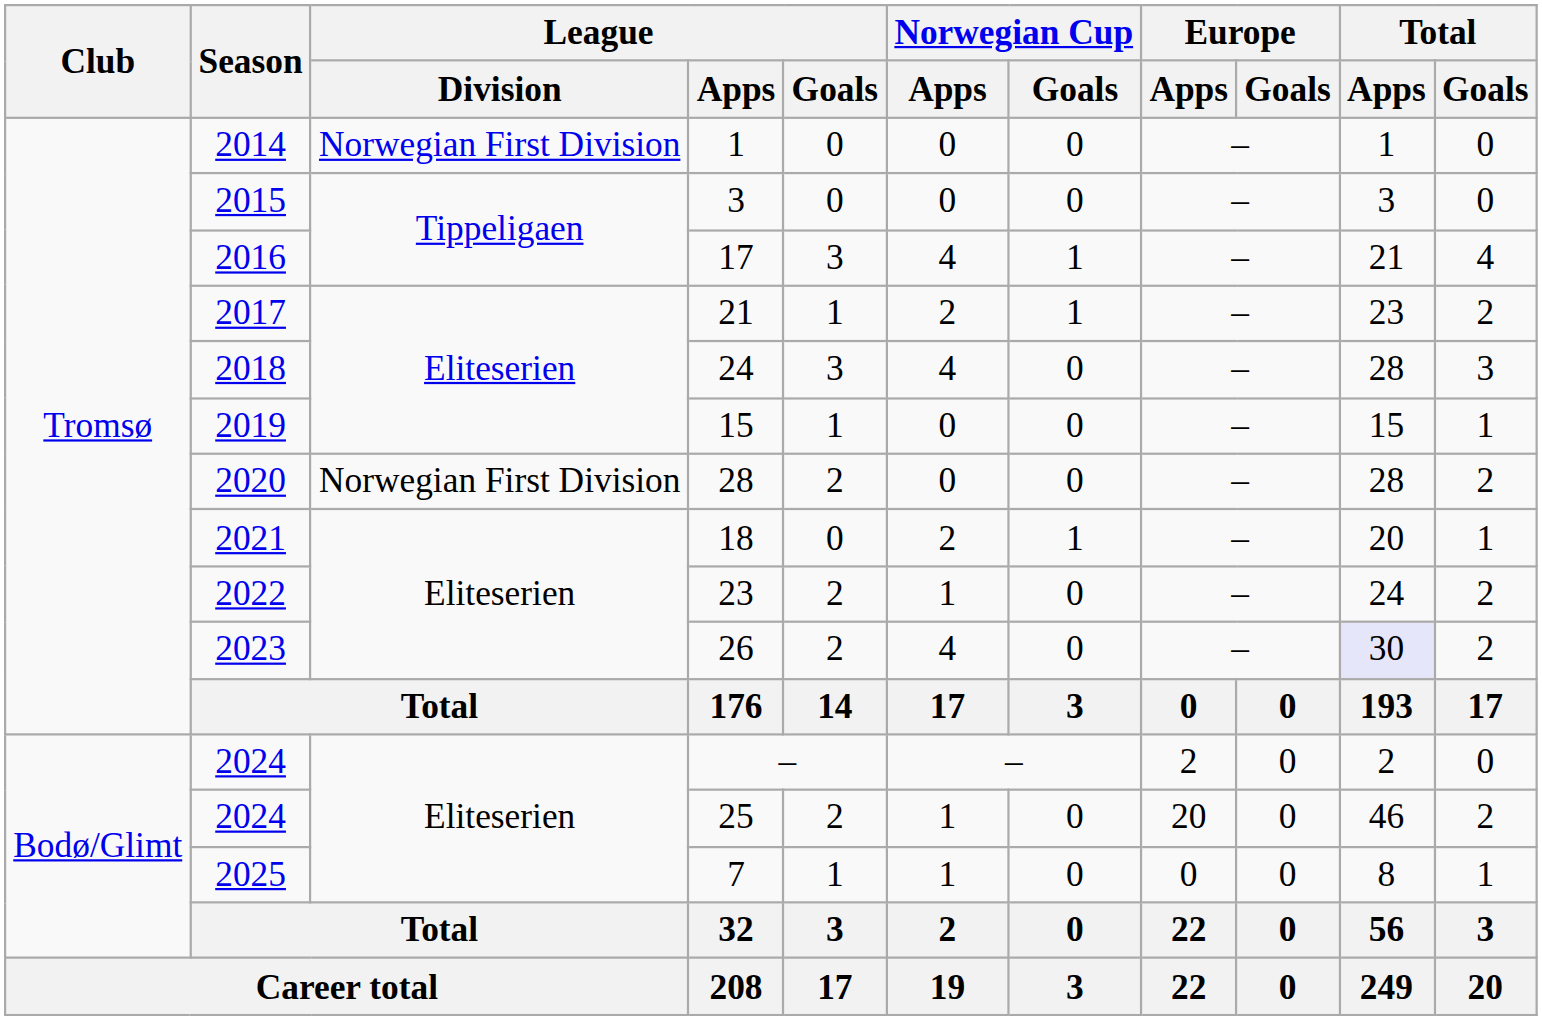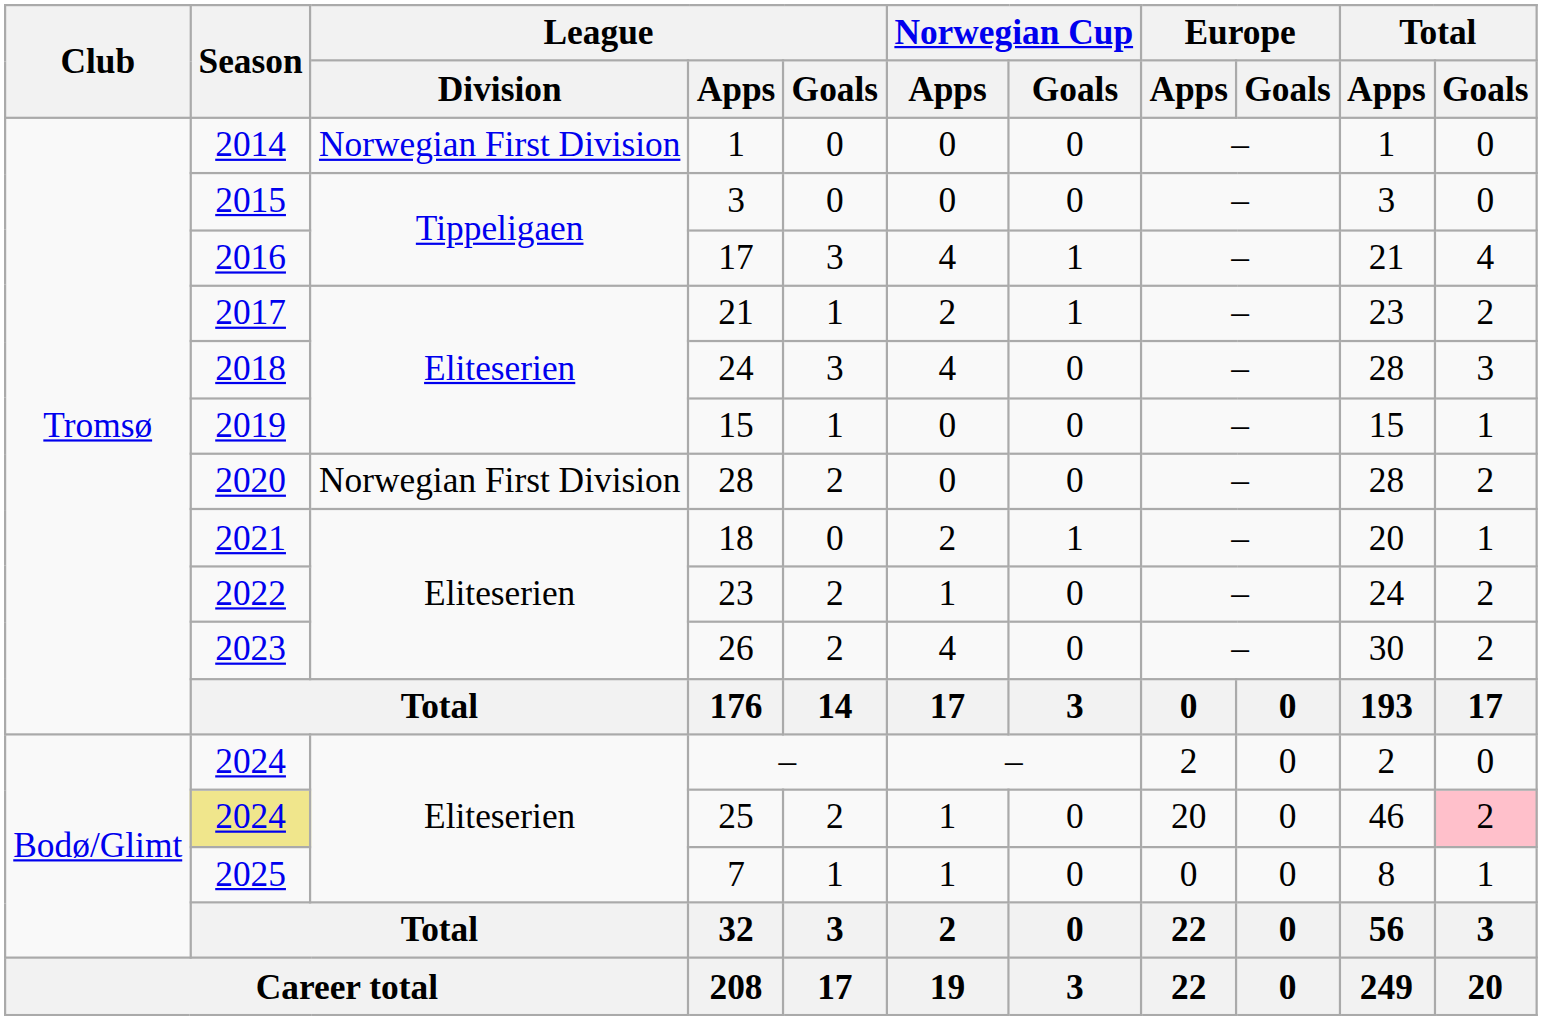 <table class="wikitable" style="text-align:center">
 <tr>
 <th rowspan="2">Club</th>
 <th rowspan="2">Season</th>
 <th colspan="3">League</th>
 <th colspan="2"><a href='#'>Norwegian Cup</a></th>
 <th colspan="2">Europe</th>
 <th colspan="2">Total</th>
 </tr>
 <tr>
 <th>Division</th>
 <th>Apps</th>
 <th>Goals</th>
 <th>Apps</th>
 <th>Goals</th>
 <th>Apps</th>
 <th>Goals</th>
 <th>Apps</th>
 <th>Goals</th>
 </tr>
 <tr>
 <td rowspan="11"><a href='#'>Tromsø</a></td>
 <td><a href='#'>2014</a></td>
 <td><a href='#'>Norwegian First Division</a></td>
 <td>1</td>
 <td>0</td>
 <td>0</td>
 <td>0</td>
 <td colspan="2">–</td>
 <td>1</td>
 <td>0</td>
 </tr>
 <tr>
 <td><a href='#'>2015</a></td>
 <td rowspan="2"><a href='#'>Tippeligaen</a></td>
 <td>3</td>
 <td>0</td>
 <td>0</td>
 <td>0</td>
 <td colspan="2">–</td>
 <td>3</td>
 <td>0</td>
 </tr>
 <tr>
 <td><a href='#'>2016</a></td>
 <td>17</td>
 <td>3</td>
 <td>4</td>
 <td>1</td>
 <td colspan="2">–</td>
 <td>21</td>
 <td>4</td>
 </tr>
 <tr>
 <td><a href='#'>2017</a></td>
 <td rowspan="3"><a href='#'>Eliteserien</a></td>
 <td>21</td>
 <td>1</td>
 <td>2</td>
 <td>1</td>
 <td colspan="2">–</td>
 <td>23</td>
 <td>2</td>
 </tr>
 <tr>
 <td><a href='#'>2018</a></td>
 <td>24</td>
 <td>3</td>
 <td>4</td>
 <td>0</td>
 <td colspan="2">–</td>
 <td>28</td>
 <td>3</td>
 </tr>
 <tr>
 <td><a href='#'>2019</a></td>
 <td>15</td>
 <td>1</td>
 <td>0</td>
 <td>0</td>
 <td colspan="2">–</td>
 <td>15</td>
 <td>1</td>
 </tr>
 <tr>
 <td><a href='#'>2020</a></td>
 <td>Norwegian First Division</td>
 <td>28</td>
 <td>2</td>
 <td>0</td>
 <td>0</td>
 <td colspan="2">–</td>
 <td>28</td>
 <td>2</td>
 </tr>
 <tr>
 <td><a href='#'>2021</a></td>
 <td rowspan="3">Eliteserien</td>
 <td>18</td>
 <td>0</td>
 <td>2</td>
 <td>1</td>
 <td colspan="2">–</td>
 <td>20</td>
 <td>1</td>
 </tr>
 <tr>
 <td><a href='#'>2022</a></td>
 <td>23</td>
 <td>2</td>
 <td>1</td>
 <td>0</td>
 <td colspan="2">–</td>
 <td>24</td>
 <td>2</td>
 </tr>
 <tr>
 <td><a href='#'>2023</a></td>
 <td>26</td>
 <td>2</td>
 <td>4</td>
 <td>0</td>
 <td colspan="2">–</td>
-<td style="background: lavender;">30</td>
+<td>30</td>
 <td>2</td>
 </tr>
 <tr>
 <th colspan="2">Total</th>
 <th>176</th>
 <th>14</th>
 <th>17</th>
 <th>3</th>
 <th>0</th>
 <th>0</th>
 <th>193</th>
 <th>17</th>
 </tr>
 <tr>
 <td rowspan="4"><a href='#'>Bodø/Glimt</a></td>
 <td><a href='#'>2024</a></td>
 <td rowspan="3">Eliteserien</td>
 <td colspan="2">–</td>
 <td colspan="2">–</td>
 <td>2</td>
 <td>0</td>
 <td>2</td>
 <td>0</td>
 </tr>
 <tr>
-<td><a href='#'>2024</a></td>
+<td style="background: khaki;"><a href='#'>2024</a></td>
 <td>25</td>
 <td>2</td>
 <td>1</td>
 <td>0</td>
 <td>20</td>
 <td>0</td>
 <td>46</td>
-<td>2</td>
+<td style="background: pink;">2</td>
 </tr>
 <tr>
 <td><a href='#'>2025</a></td>
 <td>7</td>
 <td>1</td>
 <td>1</td>
 <td>0</td>
 <td>0</td>
 <td>0</td>
 <td>8</td>
 <td>1</td>
 </tr>
 <tr>
 <th colspan="2">Total</th>
 <th>32</th>
 <th>3</th>
 <th>2</th>
 <th>0</th>
 <th>22</th>
 <th>0</th>
 <th>56</th>
 <th>3</th>
 </tr>
 <tr>
 <th colspan="3">Career total</th>
 <th>208</th>
 <th>17</th>
 <th>19</th>
 <th>3</th>
 <th>22</th>
 <th>0</th>
 <th>249</th>
 <th>20</th>
 </tr>
 </table>
